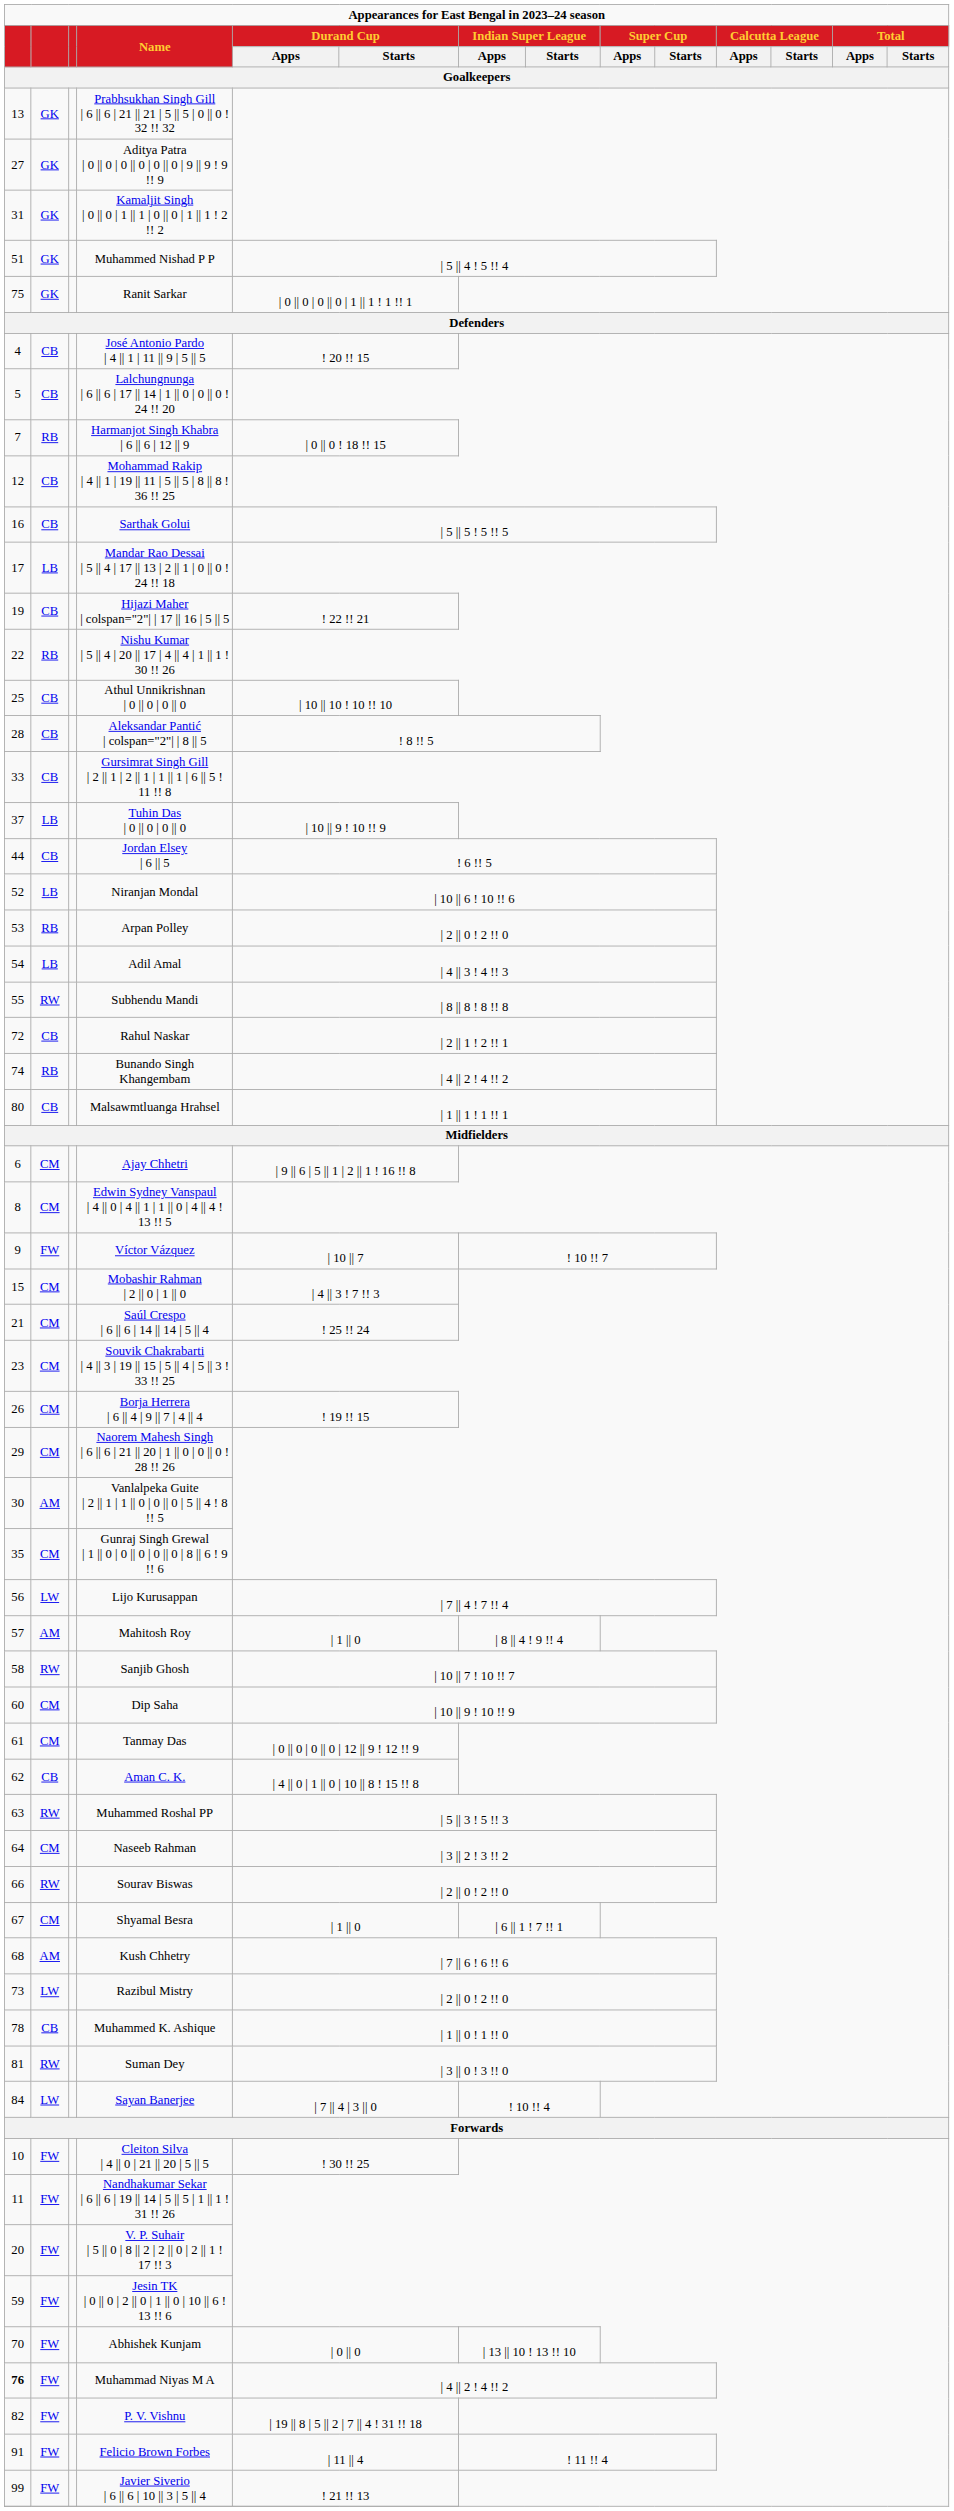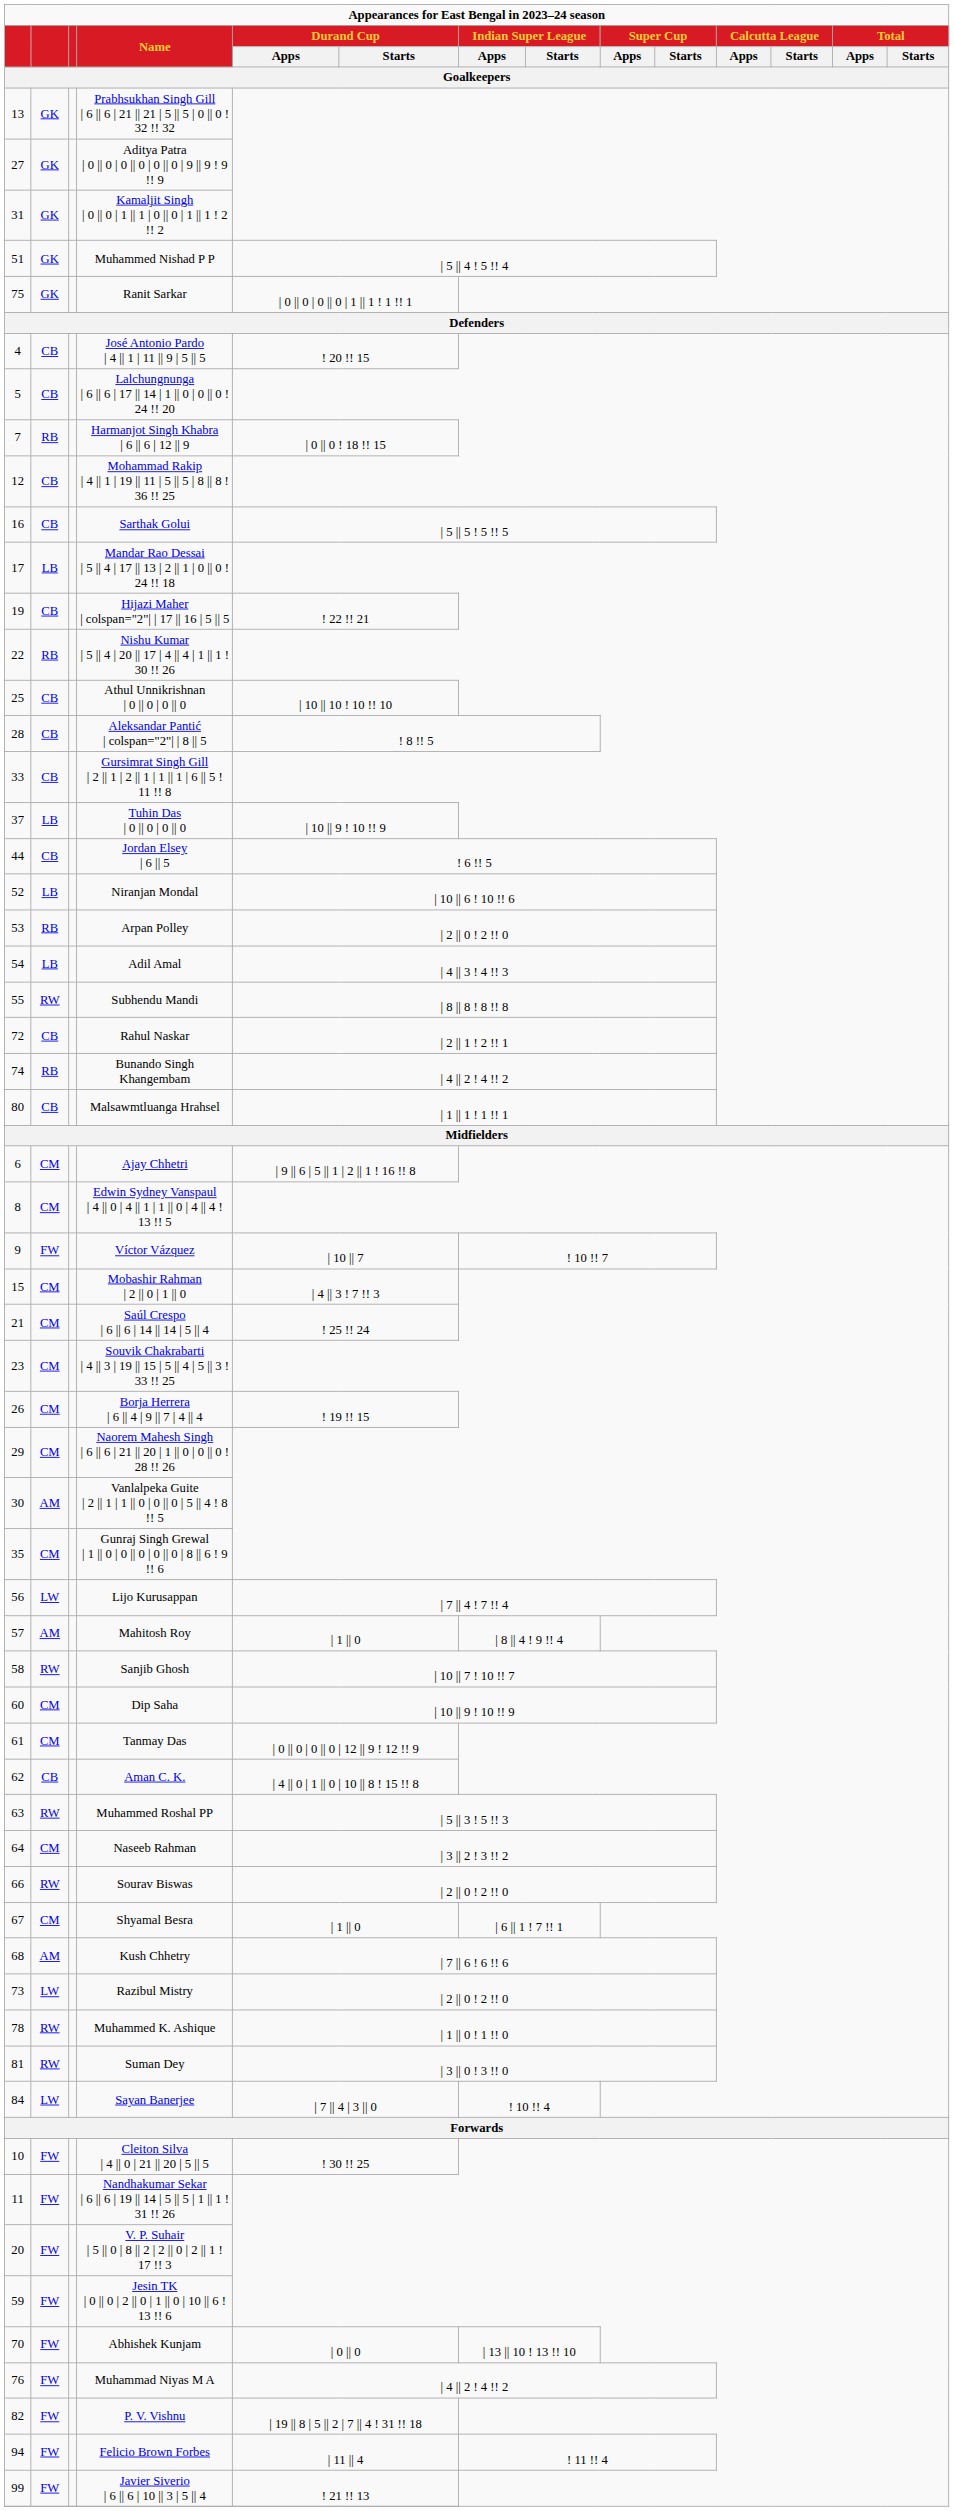 <table class="wikitable sortable" style="text-align:center; font-size:90%; width:85%;">
 <tr>
 <td colspan="14"><strong>Appearances for East Bengal in 2023–24 season</strong></td>
 </tr>
 <tr>
 <th style="background:#d71a23; color:#ffcd31; text-align:center;" rowspan="2"></th>
 <th style="background:#d71a23; color:#ffcd31; text-align:center;" rowspan="2"></th>
 <th style="background:#d71a23; color:#ffcd31; text-align:center;" rowspan="2"></th>
 <th style="background:#d71a23; color:#ffcd31; text-align:center; width:170px;" rowspan="2">Name</th>
 <th style="background:#d71a23; color:#ffcd31; text-align:center; width:86px;" colspan="2">Durand Cup</th>
 <th style="background:#d71a23; color:#ffcd31; text-align:center; width:86px;" colspan="2">Indian Super League</th>
 <th style="background:#d71a23; color:#ffcd31; text-align:center; width:86px;" colspan="2">Super Cup</th>
 <th style="background:#d71a23; color:#ffcd31; text-align:center; width:86px;" colspan="2">Calcutta League</th>
 <th style="background:#d71a23; color:#ffcd31; text-align:center; width:86px;" colspan="2">Total</th>
 </tr>
 <tr>
 <th>Apps</th>
 <th>Starts</th>
 <th>Apps</th>
 <th>Starts</th>
 <th>Apps</th>
 <th>Starts</th>
 <th>Apps</th>
 <th>Starts</th>
 <th>Apps</th>
 <th>Starts</th>
 </tr>
 <tr>
 <th colspan="14"><strong>Goalkeepers</strong></th>
 </tr>
 <tr>
 <td>13</td>
 <td><a href='#'>GK</a></td>
 <td></td>
 <td><a href='#'>Prabhsukhan Singh Gill</a><br>| 6 || 6 | 21 || 21 | 5 || 5 | 0 || 0 ! 32 !! 32</td>
 </tr>
 <tr>
 <td>27</td>
 <td><a href='#'>GK</a></td>
 <td></td>
 <td>Aditya Patra<br>| 0 || 0 | 0 || 0 | 0 || 0 | 9 || 9  ! 9 !! 9</td>
 </tr>
 <tr>
 <td>31</td>
 <td><a href='#'>GK</a></td>
 <td></td>
 <td><a href='#'>Kamaljit Singh</a><br>| 0 || 0 | 1 || 1 | 0 || 0 | 1 || 1 ! 2 !! 2</td>
 </tr>
 <tr>
 <td>51</td>
 <td><a href='#'>GK</a></td>
 <td></td>
 <td>Muhammed Nishad P P</td>
 <td colspan="6"><br>| 5 || 4  ! 5 !! 4</td>
 </tr>
 <tr>
 <td>75</td>
 <td><a href='#'>GK</a></td>
 <td></td>
 <td>Ranit Sarkar</td>
 <td colspan=2><br>| 0 || 0 | 0 || 0 | 1 || 1  ! 1 !! 1</td>
 </tr>
 <tr>
 <th colspan="14"><strong>Defenders</strong></th>
 </tr>
 <tr>
 <td>4</td>
 <td><a href='#'>CB</a></td>
 <td></td>
 <td><a href='#'>José Antonio Pardo</a><br>| 4 || 1 | 11 || 9 | 5 || 5</td>
 <td colspan="2"><br>! 20 !! 15</td>
 </tr>
 <tr>
 <td>5</td>
 <td><a href='#'>CB</a></td>
 <td></td>
 <td><a href='#'>Lalchungnunga</a><br>| 6 || 6 | 17 || 14 | 1 || 0  | 0 || 0  ! 24 !! 20</td>
 </tr>
 <tr>
 <td>7</td>
 <td><a href='#'>RB</a></td>
 <td></td>
 <td><a href='#'>Harmanjot Singh Khabra</a><br>| 6 || 6 | 12 || 9</td>
 <td colspan=2><br>| 0 || 0  ! 18 !! 15</td>
 </tr>
 <tr>
 <td>12</td>
 <td><a href='#'>CB</a></td>
 <td></td>
 <td><a href='#'>Mohammad Rakip</a><br>| 4 || 1 | 19 || 11 | 5 || 5  | 8 || 8  ! 36 !! 25</td>
 </tr>
 <tr>
 <td>16</td>
 <td><a href='#'>CB</a></td>
 <td></td>
 <td><a href='#'>Sarthak Golui</a></td>
 <td colspan="6"><br>| 5 || 5  ! 5 !! 5</td>
 </tr>
 <tr>
 <td>17</td>
 <td><a href='#'>LB</a></td>
 <td></td>
 <td><a href='#'>Mandar Rao Dessai</a><br>| 5 || 4 | 17 || 13 | 2 || 1 | 0 || 0 ! 24 !! 18</td>
 </tr>
 <tr>
 <td>19</td>
 <td><a href='#'>CB</a></td>
 <td></td>
 <td><a href='#'>Hijazi Maher</a><br>| colspan="2"|   | 17 || 16 | 5 || 5</td>
 <td colspan="2"><br>! 22 !! 21</td>
 </tr>
 <tr>
 <td>22</td>
 <td><a href='#'>RB</a></td>
 <td></td>
 <td><a href='#'>Nishu Kumar</a><br>| 5 || 4 | 20 || 17 | 4 || 4 | 1 || 1  ! 30 !! 26</td>
 </tr>
 <tr>
 <td>25</td>
 <td><a href='#'>CB</a></td>
 <td></td>
 <td>Athul Unnikrishnan<br>| 0 || 0 | 0 || 0</td>
 <td colspan="2"><br>| 10 || 10  ! 10 !! 10</td>
 </tr>
 <tr>
 <td>28</td>
 <td><a href='#'>CB</a></td>
 <td></td>
 <td><a href='#'>Aleksandar Pantić</a><br>| colspan="2"|   | 8 || 5</td>
 <td colspan="4"><br>! 8 !! 5</td>
 </tr>
 <tr>
 <td>33</td>
 <td><a href='#'>CB</a></td>
 <td></td>
 <td><a href='#'>Gursimrat Singh Gill</a><br>| 2 || 1 | 2 || 1 | 1 || 1 | 6 || 5 ! 11 !! 8</td>
 </tr>
 <tr>
 <td>37</td>
 <td><a href='#'>LB</a></td>
 <td></td>
 <td><a href='#'>Tuhin Das</a><br>| 0 || 0 | 0 || 0</td>
 <td colspan="2"><br>| 10 || 9  ! 10 !! 9</td>
 </tr>
 <tr>
 <td>44</td>
 <td><a href='#'>CB</a></td>
 <td></td>
 <td><a href='#'>Jordan Elsey</a><br>| 6 || 5</td>
 <td colspan="6"><br>! 6 !! 5</td>
 </tr>
 <tr>
 <td>52</td>
 <td><a href='#'>LB</a></td>
 <td></td>
 <td>Niranjan Mondal</td>
 <td colspan="6"><br>| 10 || 6  ! 10 !! 6</td>
 </tr>
 <tr>
 <td>53</td>
 <td><a href='#'>RB</a></td>
 <td></td>
 <td>Arpan Polley</td>
 <td colspan="6"><br>| 2 || 0  ! 2 !! 0</td>
 </tr>
 <tr>
 <td>54</td>
 <td><a href='#'>LB</a></td>
 <td></td>
 <td>Adil Amal</td>
 <td colspan="6"><br>| 4 || 3  ! 4 !! 3</td>
 </tr>
 <tr>
 <td>55</td>
 <td><a href='#'>RW</a></td>
 <td></td>
 <td>Subhendu Mandi</td>
 <td colspan="6"><br>| 8 || 8  ! 8 !! 8</td>
 </tr>
 <tr>
 <td>72</td>
 <td><a href='#'>CB</a></td>
 <td></td>
 <td>Rahul Naskar</td>
 <td colspan="6"><br>| 2 || 1  ! 2 !! 1</td>
 </tr>
 <tr>
 <td>74</td>
 <td><a href='#'>RB</a></td>
 <td></td>
 <td>Bunando Singh Khangembam</td>
 <td colspan="6"><br>| 4 || 2  ! 4 !! 2</td>
 </tr>
 <tr>
 <td>80</td>
 <td><a href='#'>CB</a></td>
 <td></td>
 <td>Malsawmtluanga Hrahsel</td>
 <td colspan="6"><br>| 1 || 1  ! 1 !! 1</td>
 </tr>
 <tr>
 <th colspan="14"><strong>Midfielders</strong></th>
 </tr>
 <tr>
 <td>6</td>
 <td><a href='#'>CM</a></td>
 <td></td>
 <td><a href='#'>Ajay Chhetri</a></td>
 <td colspan=2><br>| 9 || 6  | 5 || 1 | 2 || 1  ! 16 !! 8</td>
 </tr>
 <tr>
 <td>8</td>
 <td><a href='#'>CM</a></td>
 <td></td>
 <td><a href='#'>Edwin Sydney Vanspaul</a><br>| 4 || 0 | 4 || 1 | 1 || 0 | 4 || 4  ! 13 !! 5</td>
 </tr>
 <tr>
 <td>9</td>
 <td><a href='#'>FW</a></td>
 <td></td>
 <td><a href='#'>Víctor Vázquez</a></td>
 <td colspan="2"><br>| 10 || 7</td>
 <td colspan="4"><br>! 10 !! 7</td>
 </tr>
 <tr>
 <td>15</td>
 <td><a href='#'>CM</a></td>
 <td></td>
 <td><a href='#'>Mobashir Rahman</a><br>| 2 || 0 | 1 || 0</td>
 <td colspan=2><br>| 4 || 3  ! 7 !! 3</td>
 </tr>
 <tr>
 <td>21</td>
 <td><a href='#'>CM</a></td>
 <td></td>
 <td><a href='#'>Saúl Crespo</a><br>| 6 || 6 | 14 || 14 | 5 || 4</td>
 <td colspan=2><br>! 25 !! 24</td>
 </tr>
 <tr>
 <td>23</td>
 <td><a href='#'>CM</a></td>
 <td></td>
 <td><a href='#'>Souvik Chakrabarti</a><br>| 4 || 3 | 19 || 15 | 5 || 4 | 5 || 3  ! 33 !! 25</td>
 </tr>
 <tr>
 <td>26</td>
 <td><a href='#'>CM</a></td>
 <td></td>
 <td><a href='#'>Borja Herrera</a><br>| 6 || 4 | 9 || 7 | 4 || 4</td>
 <td colspan=2><br>! 19 !! 15</td>
 </tr>
 <tr>
 <td>29</td>
 <td><a href='#'>CM</a></td>
 <td></td>
 <td><a href='#'>Naorem Mahesh Singh</a><br>| 6 || 6 | 21 || 20 | 1 || 0 | 0 || 0 ! 28 !! 26</td>
 </tr>
 <tr>
 <td>30</td>
 <td><a href='#'>AM</a></td>
 <td></td>
 <td>Vanlalpeka Guite<br>| 2 || 1 | 1 || 0 | 0 || 0 | 5 || 4  ! 8 !! 5</td>
 </tr>
 <tr>
 <td>35</td>
 <td><a href='#'>CM</a></td>
 <td></td>
 <td>Gunraj Singh Grewal<br>| 1 || 0 | 0 || 0 | 0 || 0 | 8 || 6  ! 9 !! 6</td>
 </tr>
 <tr>
 <td>56</td>
 <td><a href='#'>LW</a></td>
 <td></td>
 <td>Lijo Kurusappan</td>
 <td colspan=6><br>| 7 || 4  ! 7 !! 4</td>
 </tr>
 <tr>
 <td>57</td>
 <td><a href='#'>AM</a></td>
 <td></td>
 <td>Mahitosh Roy</td>
 <td colspan=2><br>| 1 || 0</td>
 <td colspan=2><br>| 8 || 4 ! 9 !! 4</td>
 </tr>
 <tr>
 <td>58</td>
 <td><a href='#'>RW</a></td>
 <td></td>
 <td>Sanjib Ghosh</td>
 <td colspan=6><br>| 10 || 7  ! 10 !! 7</td>
 </tr>
 <tr>
 <td>60</td>
 <td><a href='#'>CM</a></td>
 <td></td>
 <td>Dip Saha</td>
 <td colspan=6><br>| 10 || 9 ! 10 !! 9</td>
 </tr>
 <tr>
 <td>61</td>
 <td><a href='#'>CM</a></td>
 <td></td>
 <td>Tanmay Das</td>
 <td colspan=2><br>| 0 || 0  | 0 || 0 | 12 || 9 ! 12 !! 9</td>
 </tr>
 <tr>
 <td>62</td>
 <td><a href='#'>CB</a></td>
 <td></td>
 <td><a href='#'>Aman C. K.</a></td>
 <td colspan=2><br>| 4 || 0 | 1 || 0 | 10 || 8 ! 15 !! 8</td>
 </tr>
 <tr>
 <td>63</td>
 <td><a href='#'>RW</a></td>
 <td></td>
 <td>Muhammed Roshal PP</td>
 <td colspan=6><br>| 5 || 3 ! 5 !! 3</td>
 </tr>
 <tr>
 <td>64</td>
 <td><a href='#'>CM</a></td>
 <td></td>
 <td>Naseeb Rahman</td>
 <td colspan=6><br>| 3 || 2  ! 3 !! 2</td>
 </tr>
 <tr>
 <td>66</td>
 <td><a href='#'>RW</a></td>
 <td></td>
 <td>Sourav Biswas</td>
 <td colspan=6><br>| 2 || 0 ! 2 !! 0</td>
 </tr>
 <tr>
 <td>67</td>
 <td><a href='#'>CM</a></td>
 <td></td>
 <td>Shyamal Besra</td>
 <td colspan=2><br>| 1 || 0</td>
 <td colspan=2><br>| 6 || 1 ! 7 !! 1</td>
 </tr>
 <tr>
 <td>68</td>
 <td><a href='#'>AM</a></td>
 <td></td>
 <td>Kush Chhetry</td>
 <td colspan=6><br>| 7 || 6 ! 6 !! 6</td>
 </tr>
 <tr>
 <td>73</td>
 <td><a href='#'>LW</a></td>
 <td></td>
 <td>Razibul Mistry</td>
 <td colspan=6><br>| 2 || 0 ! 2 !! 0</td>
 </tr>
 <tr>
 <td>78</td>
-<td><a href='#'>CB</a></td>
+<td><a href='#'>RW</a></td>
 <td></td>
 <td>Muhammed K. Ashique</td>
 <td colspan=6><br>| 1 || 0 ! 1 !! 0</td>
 </tr>
 <tr>
 <td>81</td>
 <td><a href='#'>RW</a></td>
 <td></td>
 <td>Suman Dey</td>
 <td colspan=6><br>| 3 || 0 ! 3 !! 0</td>
 </tr>
 <tr>
 <td>84</td>
 <td><a href='#'>LW</a></td>
 <td></td>
 <td><a href='#'>Sayan Banerjee</a></td>
 <td colspan=2><br>| 7 || 4 | 3 || 0</td>
 <td colspan=2><br>! 10 !! 4</td>
 </tr>
 <tr>
 <th colspan="14"><strong>Forwards</strong></th>
 </tr>
 <tr>
 <td>10</td>
 <td><a href='#'>FW</a></td>
 <td></td>
 <td><a href='#'>Cleiton Silva</a><br>| 4 || 0 | 21 || 20 | 5 || 5</td>
 <td colspan=2><br>! 30 !! 25</td>
 </tr>
 <tr>
 <td>11</td>
 <td><a href='#'>FW</a></td>
 <td></td>
 <td><a href='#'>Nandhakumar Sekar</a><br>| 6 || 6 | 19 || 14 | 5 || 5 | 1 || 1 ! 31 !! 26</td>
 </tr>
 <tr>
 <td>20</td>
 <td><a href='#'>FW</a></td>
 <td></td>
 <td><a href='#'>V. P. Suhair</a><br>| 5 || 0 | 8 || 2 | 2 || 0 | 2 || 1 ! 17 !! 3</td>
 </tr>
 <tr>
 <td>59</td>
 <td><a href='#'>FW</a></td>
 <td></td>
 <td><a href='#'>Jesin TK</a><br>| 0 || 0 | 2 || 0 | 1 || 0 | 10 || 6 ! 13 !! 6</td>
 </tr>
 <tr>
 <td>70</td>
 <td><a href='#'>FW</a></td>
 <td></td>
 <td>Abhishek Kunjam</td>
 <td colspan=2><br>| 0 || 0</td>
 <td colspan=2><br>| 13 || 10 ! 13 !! 10</td>
 </tr>
 <tr>
-<td><strong>76</strong></td>
+<td>76</td>
 <td><a href='#'>FW</a></td>
 <td></td>
 <td>Muhammad Niyas M A</td>
 <td colspan=6><br>| 4 || 2 ! 4 !! 2</td>
 </tr>
 <tr>
 <td>82</td>
 <td><a href='#'>FW</a></td>
 <td></td>
 <td><a href='#'>P. V. Vishnu</a></td>
 <td colspan=2><br>| 19 || 8 | 5 || 2 | 7 || 4 ! 31 !! 18</td>
 </tr>
 <tr>
-<td>91</td>
+<td>94</td>
 <td><a href='#'>FW</a></td>
 <td></td>
 <td><a href='#'>Felicio Brown Forbes</a></td>
 <td colspan="2"><br>| 11 || 4</td>
 <td colspan="4"><br>! 11 !! 4</td>
 </tr>
 <tr>
 <td>99</td>
 <td><a href='#'>FW</a></td>
 <td></td>
 <td><a href='#'>Javier Siverio</a><br>| 6 || 6 | 10 || 3 | 5 || 4</td>
 <td colspan=2><br>! 21 !! 13</td>
 </tr>
 <tr>
 </tr>
 </table>
